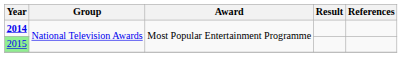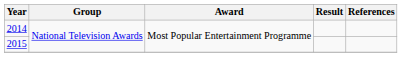 <table class="wikitable">
 <tr>
 <th>Year</th>
 <th>Group</th>
 <th>Award</th>
 <th>Result</th>
 <th>References</th>
 </tr>
 <tr>
-<td><strong><a href='#'>2014</a></strong></td>
+<td><a href='#'>2014</a></td>
 <td rowspan=2><a href='#'>National Television Awards</a></td>
 <td rowspan=2>Most Popular Entertainment Programme</td>
 <td></td>
 <td></td>
 </tr>
 <tr>
-<td style="background: lightgreen;"><a href='#'>2015</a></td>
+<td><a href='#'>2015</a></td>
 <td></td>
 <td></td>
 </tr>
 <tr>
 </tr>
 </table>
